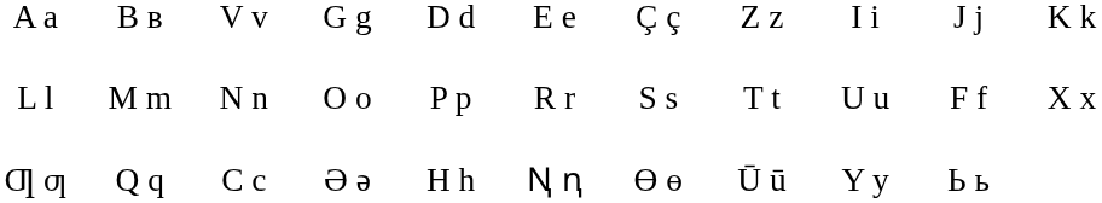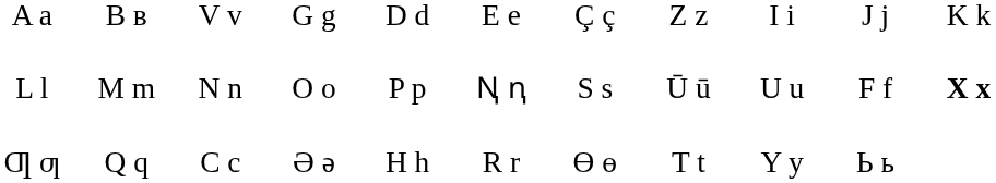 <table class="standard" cellpadding="5" style="font-size: 1.6em; font-family:'Times New Roman', serif; line-height: 2em; text-align: center;">
 <tr>
 <td style="width:3em;">A a</td>
 <td style="width:3em;">B ʙ</td>
 <td style="width:3em;">V v</td>
 <td style="width:3em;">G g</td>
 <td style="width:3em;">D d</td>
 <td style="width:3em;">E e</td>
 <td style="width:3em;">Ç ç</td>
 <td style="width:3em;">Z z</td>
 <td style="width:3em;">I i</td>
 <td style="width:3em;">J j</td>
 <td style="width:3em;">K k</td>
 </tr>
 <tr>
 <td>L l</td>
 <td>M m</td>
 <td>N n</td>
 <td>O o</td>
 <td>P p</td>
-<td>R r</td>
+<td>Ꞑ ꞑ</td>
 <td>S s</td>
-<td>T t</td>
+<td>Ū ū</td>
 <td>U u</td>
 <td>F f</td>
-<td>X x</td>
+<td><strong>X x</strong></td>
 </tr>
 <tr>
 <td>Ƣ ƣ</td>
 <td>Q q</td>
 <td>C c</td>
 <td>Ə ə</td>
 <td>H h</td>
-<td>Ꞑ ꞑ</td>
+<td>R r</td>
 <td>Ɵ ɵ</td>
-<td>Ū ū</td>
+<td>T t</td>
 <td>Y y</td>
 <td>Ь ь</td>
 </tr>
 </table>
